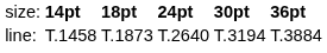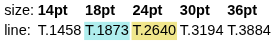 <table style="margin-left:40px;">
 <tr>
 <td>size:</td>
 <td><strong>14pt</strong></td>
 <td><strong>18pt</strong></td>
 <td><strong>24pt</strong></td>
 <td><strong>30pt</strong></td>
 <td><strong>36pt</strong></td>
 </tr>
 <tr>
 <td>line:</td>
 <td>T.1458</td>
-<td>T.1873</td>
-<td>T.2640</td>
+<td style="background: paleturquoise;">T.1873</td>
+<td style="background: khaki;">T.2640</td>
 <td>T.3194</td>
 <td>T.3884</td>
 </tr>
 </table>
